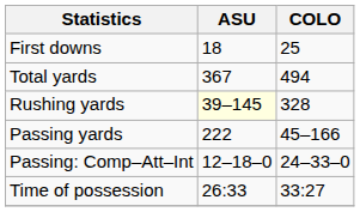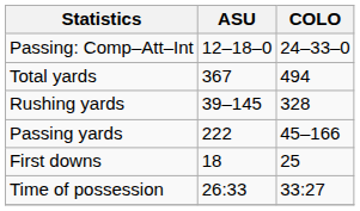 <table class="wikitable" style="float: left;">
 <tr>
 <th>Statistics</th>
 <th>ASU</th>
 <th>COLO</th>
 </tr>
 <tr>
-<td>First downs</td>
-<td>18</td>
-<td>25</td>
+<td>Passing: Comp–Att–Int</td>
+<td>12–18–0</td>
+<td>24–33–0</td>
 </tr>
 <tr>
 <td>Total yards</td>
 <td>367</td>
 <td>494</td>
 </tr>
 <tr>
 <td>Rushing yards</td>
-<td style="background: lightyellow;">39–145</td>
+<td>39–145</td>
 <td>328</td>
 </tr>
 <tr>
 <td>Passing yards</td>
 <td>222</td>
 <td>45–166</td>
 </tr>
 <tr>
-<td>Passing: Comp–Att–Int</td>
-<td>12–18–0</td>
-<td>24–33–0</td>
+<td>First downs</td>
+<td>18</td>
+<td>25</td>
 </tr>
 <tr>
 <td>Time of possession</td>
 <td>26:33</td>
 <td>33:27</td>
 </tr>
 <tr>
 </tr>
 </table>
